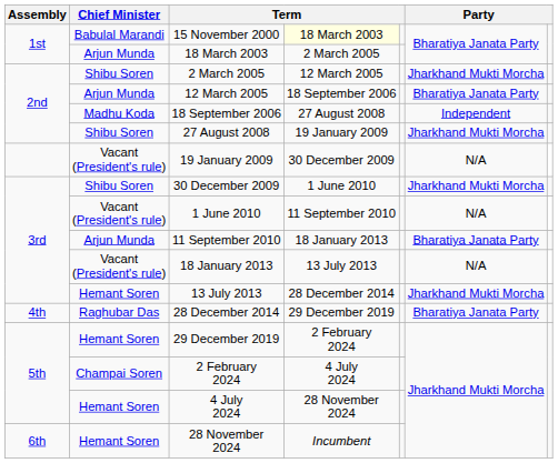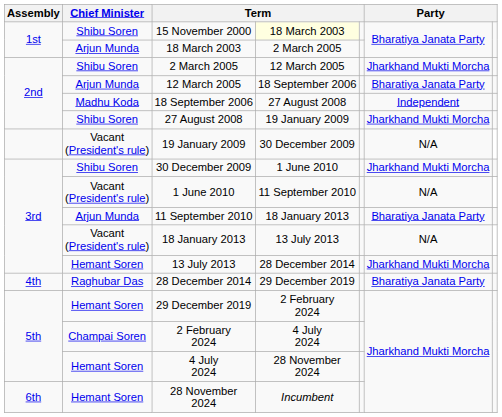 <table class="wikitable" style="text-align:center">
 <tr>
 <th>Assembly<br></th>
 <th scope="col"><a href='#'>Chief Minister</a></th>
 <th colspan="3" rowspan="1" scope="col">Term</th>
 <th colspan="2" scope="col">Party</th>
 </tr>
 <tr>
 <td rowspan="2"><a href='#'>1st</a><br></td>
-<td scope="row"><a href='#'>Babulal Marandi</a></td>
+<td scope="row"><a href='#'>Shibu Soren</a></td>
 <td>15 November 2000</td>
 <td style="background: lightyellow;">18 March 2003</td>
 <td></td>
 <td rowspan="2"><a href='#'>Bharatiya Janata Party</a></td>
 <td rowspan="2" style="background-color: "></td>
 </tr>
 <tr>
 <td scope="row"><a href='#'>Arjun Munda</a></td>
 <td>18 March 2003</td>
 <td>2 March 2005</td>
 <td></td>
 </tr>
 <tr>
 <td rowspan="4"><a href='#'>2nd</a><br></td>
 <td scope="row"><a href='#'>Shibu Soren</a></td>
 <td>2 March 2005</td>
 <td>12 March 2005</td>
 <td></td>
 <td><a href='#'>Jharkhand Mukti Morcha</a></td>
 <td style="background-color: "></td>
 </tr>
 <tr>
 <td scope="row"><a href='#'>Arjun Munda</a></td>
 <td>12 March 2005</td>
 <td>18 September 2006</td>
 <td></td>
 <td><a href='#'>Bharatiya Janata Party</a></td>
 <td style="background-color: "></td>
 </tr>
 <tr>
 <td scope="row"><a href='#'>Madhu Koda</a></td>
 <td>18 September 2006</td>
 <td>27 August 2008</td>
 <td></td>
 <td><a href='#'>Independent</a></td>
 <td style="background-color:"></td>
 </tr>
 <tr>
 <td scope="row"><a href='#'>Shibu Soren</a></td>
 <td>27 August 2008</td>
 <td>19 January 2009</td>
 <td></td>
 <td><a href='#'>Jharkhand Mukti Morcha</a></td>
 <td style="background-color: "></td>
 </tr>
 <tr>
 <td></td>
 <td scope="row">Vacant<br>(<a href='#'>President's rule</a>)</td>
 <td>19 January 2009</td>
 <td>30 December 2009</td>
 <td></td>
 <td>N/A</td>
 <td style="background-color: white"></td>
 </tr>
 <tr>
 <td rowspan="5"><a href='#'>3rd</a><br></td>
 <td scope="row"><a href='#'>Shibu Soren</a></td>
 <td>30 December 2009</td>
 <td>1 June 2010</td>
 <td></td>
 <td><a href='#'>Jharkhand Mukti Morcha</a></td>
 <td style="background-color: "></td>
 </tr>
 <tr>
 <td scope="row">Vacant<br>(<a href='#'>President's rule</a>)</td>
 <td>1 June 2010</td>
 <td>11 September 2010</td>
 <td></td>
 <td>N/A</td>
 <td style="background-color: white"></td>
 </tr>
 <tr>
 <td scope="row"><a href='#'>Arjun Munda</a></td>
 <td>11 September 2010</td>
 <td>18 January 2013</td>
 <td></td>
 <td><a href='#'>Bharatiya Janata Party</a></td>
 <td style="background-color: "></td>
 </tr>
 <tr>
 <td scope="row">Vacant<br>(<a href='#'>President's rule</a>)</td>
 <td>18 January 2013</td>
 <td>13 July 2013</td>
 <td></td>
 <td>N/A</td>
 <td style="background-color: white"></td>
 </tr>
 <tr>
 <td scope="row"><a href='#'>Hemant Soren</a></td>
 <td>13 July 2013</td>
 <td>28 December 2014</td>
 <td></td>
 <td><a href='#'>Jharkhand Mukti Morcha</a></td>
 <td style="background-color: "></td>
 </tr>
 <tr>
 <td><a href='#'>4th</a><br></td>
 <td scope="row"><a href='#'>Raghubar Das</a></td>
 <td>28 December 2014</td>
 <td>29 December 2019</td>
 <td></td>
 <td><a href='#'>Bharatiya Janata Party</a></td>
 <td style="background-color: "></td>
 </tr>
 <tr>
 <td rowspan="3"><a href='#'>5th</a><br></td>
 <td scope="row"><a href='#'>Hemant Soren</a></td>
 <td>29 December 2019</td>
 <td>2 February<br>2024</td>
 <td></td>
 <td rowspan="4"><a href='#'>Jharkhand Mukti Morcha</a></td>
 <td rowspan="4" style="background-color: "></td>
 </tr>
 <tr>
 <td><a href='#'>Champai Soren</a></td>
 <td>2 February<br>2024</td>
 <td>4 July<br>2024</td>
 <td></td>
 </tr>
 <tr>
 <td><a href='#'>Hemant Soren</a></td>
 <td>4 July<br>2024</td>
 <td>28 November<br>2024</td>
 <td></td>
 </tr>
 <tr>
 <td><a href='#'>6th</a><br></td>
 <td scope="row"><a href='#'>Hemant Soren</a></td>
 <td>28 November<br>2024</td>
 <td><em>Incumbent</em></td>
 <td></td>
 </tr>
 </table>
